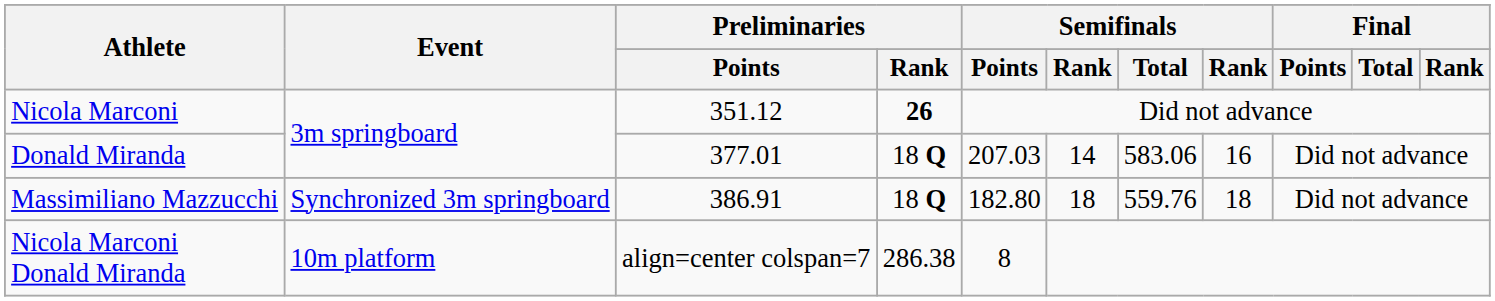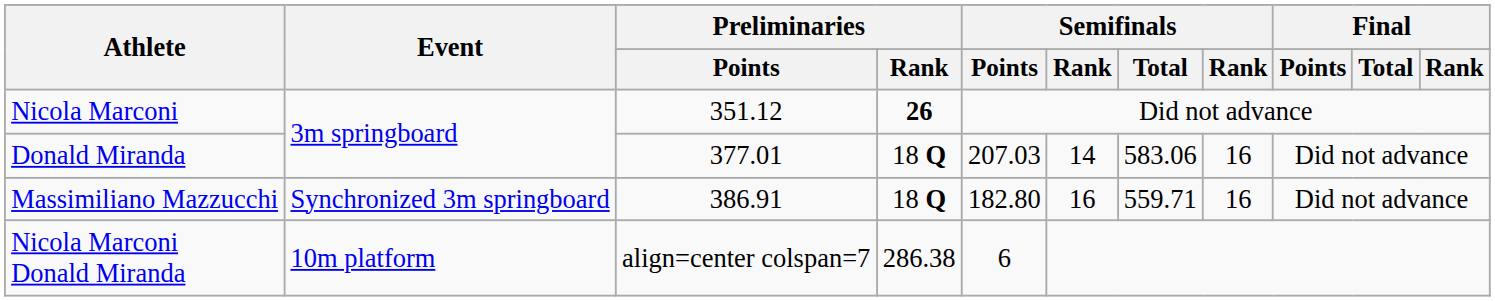 <table class=wikitable style="font-size:90%">
 <tr>
 <th rowspan="2">Athlete</th>
 <th rowspan="2">Event</th>
 <th colspan="2">Preliminaries</th>
 <th colspan="4">Semifinals</th>
 <th colspan="3">Final</th>
 </tr>
 <tr style="font-size:95%">
 <th>Points</th>
 <th>Rank</th>
 <th>Points</th>
 <th>Rank</th>
 <th>Total</th>
 <th>Rank</th>
 <th>Points</th>
 <th>Total</th>
 <th>Rank</th>
 </tr>
 <tr>
 <td align=left><a href='#'>Nicola Marconi</a></td>
 <td align=left rowspan=2><a href='#'>3m springboard</a></td>
 <td align=center>351.12</td>
 <td align=center><strong>26</strong></td>
 <td align=center colspan=7>Did not advance</td>
 </tr>
 <tr>
 <td align=left><a href='#'>Donald Miranda</a></td>
 <td align=center>377.01</td>
 <td align=center>18 <strong>Q</strong></td>
 <td align=center>207.03</td>
 <td align=center>14</td>
 <td align=center>583.06</td>
 <td align=center>16</td>
 <td align=center colspan=3>Did not advance</td>
 </tr>
 <tr>
 <td align=left><a href='#'>Massimiliano Mazzucchi</a></td>
 <td align=left><a href='#'>Synchronized 3m springboard</a></td>
 <td align=center>386.91</td>
 <td align=center>18 <strong>Q</strong></td>
 <td align=center>182.80</td>
-<td align=center>18</td>
-<td align=center>559.76</td>
-<td align=center>18</td>
+<td align=center>16</td>
+<td align=center>559.71</td>
+<td align=center>16</td>
 <td align=center colspan=3>Did not advance</td>
 </tr>
 <tr>
 <td align=left><a href='#'>Nicola Marconi</a><br> <a href='#'>Donald Miranda</a></td>
 <td align=left><a href='#'>10m platform</a></td>
 <td>align=center colspan=7 </td>
 <td align=center>286.38</td>
-<td align=center>8</td>
+<td align=center>6</td>
 </tr>
 </table>
